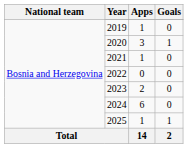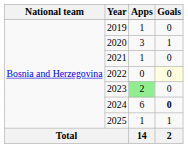 <table class="wikitable" style="text-align:center">
 <tr>
 <th>National team</th>
 <th>Year</th>
 <th>Apps</th>
 <th>Goals</th>
 </tr>
 <tr>
 <td rowspan=8><a href='#'>Bosnia and Herzegovina</a></td>
 </tr>
 <tr>
 <td>2019</td>
 <td>1</td>
 <td>0</td>
 </tr>
 <tr>
 <td>2020</td>
 <td>3</td>
 <td>1</td>
 </tr>
 <tr>
 <td>2021</td>
 <td>1</td>
 <td>0</td>
 </tr>
 <tr>
 <td>2022</td>
 <td>0</td>
-<td>0</td>
+<td style="background: lightyellow;">0</td>
 </tr>
 <tr>
 <td>2023</td>
-<td>2</td>
+<td style="background: lightgreen;">2</td>
 <td>0</td>
 </tr>
 <tr>
 <td>2024</td>
 <td>6</td>
-<td>0</td>
+<td><strong>0</strong></td>
 </tr>
 <tr>
 <td>2025</td>
 <td>1</td>
 <td>1</td>
 </tr>
 <tr>
 <th colspan=2>Total</th>
 <th>14</th>
 <th>2</th>
 </tr>
 </table>
